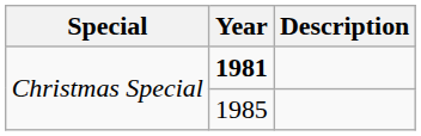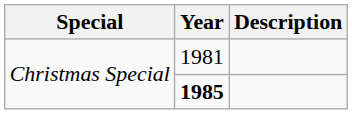 <table class="wikitable sortable">
 <tr>
 <th>Special</th>
 <th>Year</th>
 <th>Description</th>
 </tr>
 <tr>
 <td rowspan="2"><em>Christmas Special</em></td>
-<td><strong>1981</strong></td>
+<td>1981</td>
 <td></td>
 </tr>
 <tr>
-<td>1985</td>
+<td><strong>1985</strong></td>
 <td></td>
 </tr>
 </table>
